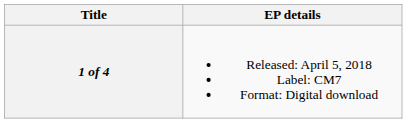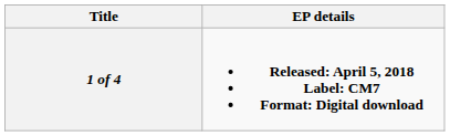 <table class="wikitable plainrowheaders" style="text-align:center;">
 <tr>
 <th scope="col" style="width:13em;">Title</th>
 <th scope="col" style="width:16em;">EP details</th>
 </tr>
 <tr>
 <th scope="row"><em>1 of 4</em></th>
-<td><br><ul><li>Released: April 5, 2018</li><li>Label: CM7</li><li>Format: Digital download</li></ul></td>
+<td><strong><br><ul><li>Released: April 5, 2018</li><li>Label: CM7</li><li>Format: Digital download</li></ul></strong></td>
 </tr>
 </table>
